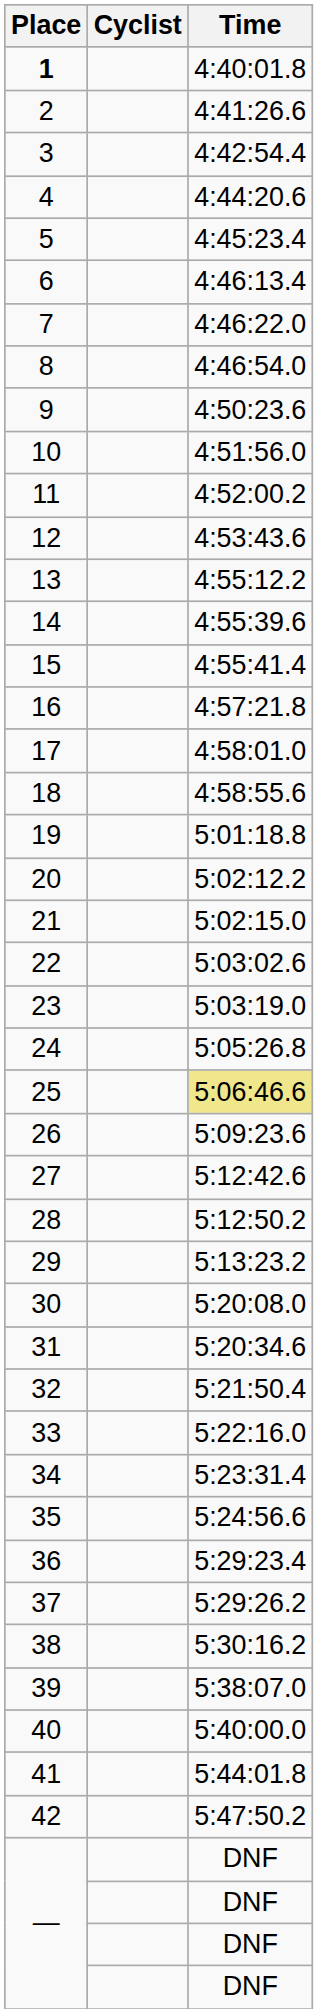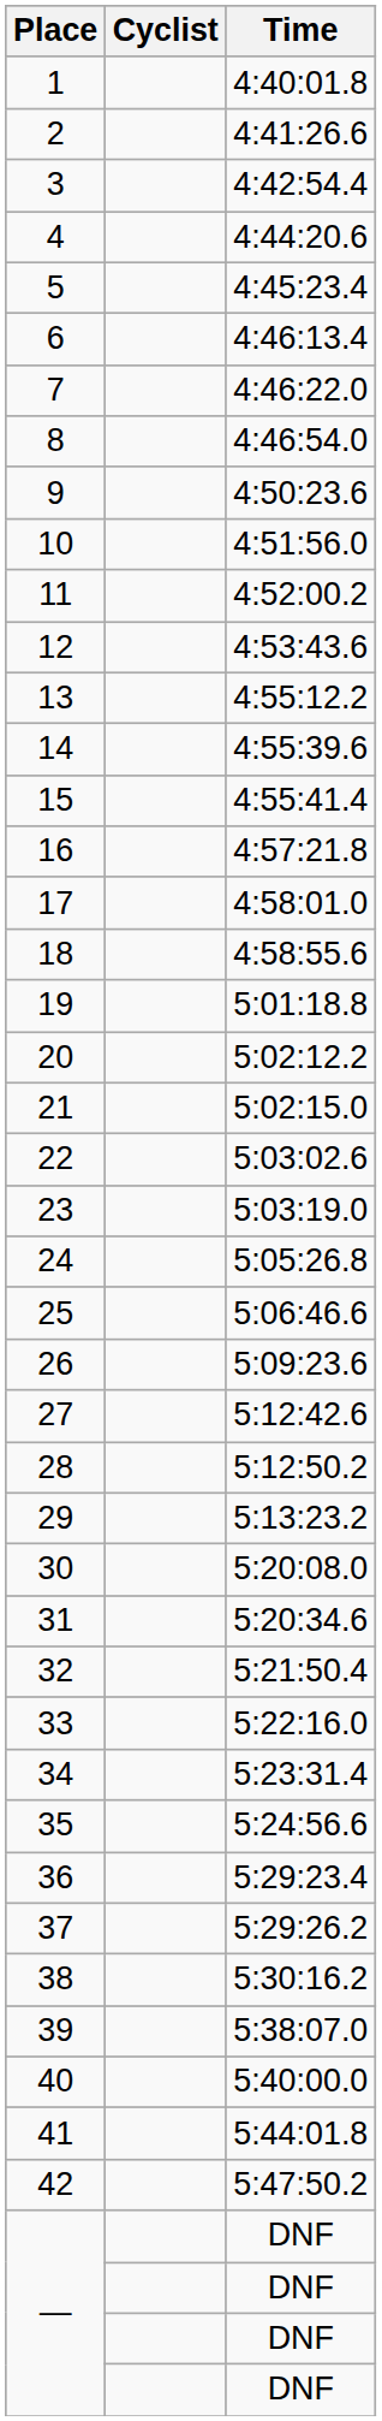 <table class=wikitable style="text-align:center">
 <tr>
 <th>Place</th>
 <th>Cyclist</th>
 <th>Time</th>
 </tr>
 <tr>
-<td><strong>1</strong></td>
+<td>1</td>
 <td align=left></td>
 <td>4:40:01.8</td>
 </tr>
 <tr>
 <td>2</td>
 <td align=left></td>
 <td>4:41:26.6</td>
 </tr>
 <tr>
 <td>3</td>
 <td align=left></td>
 <td>4:42:54.4</td>
 </tr>
 <tr>
 <td>4</td>
 <td align=left></td>
 <td>4:44:20.6</td>
 </tr>
 <tr>
 <td>5</td>
 <td align=left></td>
 <td>4:45:23.4</td>
 </tr>
 <tr>
 <td>6</td>
 <td align=left></td>
 <td>4:46:13.4</td>
 </tr>
 <tr>
 <td>7</td>
 <td align=left></td>
 <td>4:46:22.0</td>
 </tr>
 <tr>
 <td>8</td>
 <td align=left></td>
 <td>4:46:54.0</td>
 </tr>
 <tr>
 <td>9</td>
 <td align=left></td>
 <td>4:50:23.6</td>
 </tr>
 <tr>
 <td>10</td>
 <td align=left></td>
 <td>4:51:56.0</td>
 </tr>
 <tr>
 <td>11</td>
 <td align=left></td>
 <td>4:52:00.2</td>
 </tr>
 <tr>
 <td>12</td>
 <td align=left></td>
 <td>4:53:43.6</td>
 </tr>
 <tr>
 <td>13</td>
 <td align=left></td>
 <td>4:55:12.2</td>
 </tr>
 <tr>
 <td>14</td>
 <td align=left></td>
 <td>4:55:39.6</td>
 </tr>
 <tr>
 <td>15</td>
 <td align=left></td>
 <td>4:55:41.4</td>
 </tr>
 <tr>
 <td>16</td>
 <td align=left></td>
 <td>4:57:21.8</td>
 </tr>
 <tr>
 <td>17</td>
 <td align=left></td>
 <td>4:58:01.0</td>
 </tr>
 <tr>
 <td>18</td>
 <td align=left></td>
 <td>4:58:55.6</td>
 </tr>
 <tr>
 <td>19</td>
 <td align=left></td>
 <td>5:01:18.8</td>
 </tr>
 <tr>
 <td>20</td>
 <td align=left></td>
 <td>5:02:12.2</td>
 </tr>
 <tr>
 <td>21</td>
 <td align=left></td>
 <td>5:02:15.0</td>
 </tr>
 <tr>
 <td>22</td>
 <td align=left></td>
 <td>5:03:02.6</td>
 </tr>
 <tr>
 <td>23</td>
 <td align=left></td>
 <td>5:03:19.0</td>
 </tr>
 <tr>
 <td>24</td>
 <td align=left></td>
 <td>5:05:26.8</td>
 </tr>
 <tr>
 <td>25</td>
 <td align=left></td>
-<td style="background: khaki;">5:06:46.6</td>
+<td>5:06:46.6</td>
 </tr>
 <tr>
 <td>26</td>
 <td align=left></td>
 <td>5:09:23.6</td>
 </tr>
 <tr>
 <td>27</td>
 <td align=left></td>
 <td>5:12:42.6</td>
 </tr>
 <tr>
 <td>28</td>
 <td align=left></td>
 <td>5:12:50.2</td>
 </tr>
 <tr>
 <td>29</td>
 <td align=left></td>
 <td>5:13:23.2</td>
 </tr>
 <tr>
 <td>30</td>
 <td align=left></td>
 <td>5:20:08.0</td>
 </tr>
 <tr>
 <td>31</td>
 <td align=left></td>
 <td>5:20:34.6</td>
 </tr>
 <tr>
 <td>32</td>
 <td align=left></td>
 <td>5:21:50.4</td>
 </tr>
 <tr>
 <td>33</td>
 <td align=left></td>
 <td>5:22:16.0</td>
 </tr>
 <tr>
 <td>34</td>
 <td align=left></td>
 <td>5:23:31.4</td>
 </tr>
 <tr>
 <td>35</td>
 <td align=left></td>
 <td>5:24:56.6</td>
 </tr>
 <tr>
 <td>36</td>
 <td align=left></td>
 <td>5:29:23.4</td>
 </tr>
 <tr>
 <td>37</td>
 <td align=left></td>
 <td>5:29:26.2</td>
 </tr>
 <tr>
 <td>38</td>
 <td align=left></td>
 <td>5:30:16.2</td>
 </tr>
 <tr>
 <td>39</td>
 <td align=left></td>
 <td>5:38:07.0</td>
 </tr>
 <tr>
 <td>40</td>
 <td align=left></td>
 <td>5:40:00.0</td>
 </tr>
 <tr>
 <td>41</td>
 <td align=left></td>
 <td>5:44:01.8</td>
 </tr>
 <tr>
 <td>42</td>
 <td align=left></td>
 <td>5:47:50.2</td>
 </tr>
 <tr>
 <td rowspan=4>—</td>
 <td align=left></td>
 <td>DNF</td>
 </tr>
 <tr>
 <td align=left></td>
 <td>DNF</td>
 </tr>
 <tr>
 <td align=left></td>
 <td>DNF</td>
 </tr>
 <tr>
 <td align=left></td>
 <td>DNF</td>
 </tr>
 </table>
